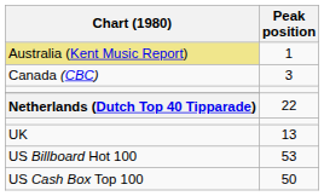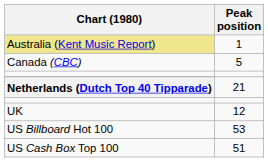 <table class="wikitable sortable plainrowheaders">
 <tr>
 <th scope="col">Chart (1980)</th>
 <th scope="col">Peak<br>position</th>
 </tr>
 <tr>
 <td style="background: khaki;">Australia (<a href='#'>Kent Music Report</a>)</td>
 <td style="text-align:center;">1</td>
 </tr>
 <tr>
 <td>Canada <em>(<a href='#'>CBC</a>)</em></td>
-<td align=center>3</td>
+<td align=center>5</td>
 </tr>
 <tr>
 <td></td>
 </tr>
 <tr>
 </tr>
 <tr>
 <th scope="row">Netherlands (<a href='#'>Dutch Top 40 Tipparade</a>)<sup></sup></th>
-<td align=center>22</td>
+<td align=center>21</td>
 </tr>
 <tr>
 <td></td>
 </tr>
 <tr>
 <td>UK</td>
-<td align=center>13</td>
+<td align=center>12</td>
 </tr>
 <tr>
 <td>US <em>Billboard</em> Hot 100</td>
 <td align=center>53</td>
 </tr>
 <tr>
 <td>US <em>Cash Box</em> Top 100</td>
-<td align=center>50</td>
+<td align=center>51</td>
 </tr>
 </table>
